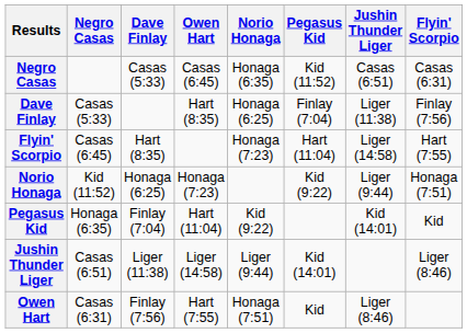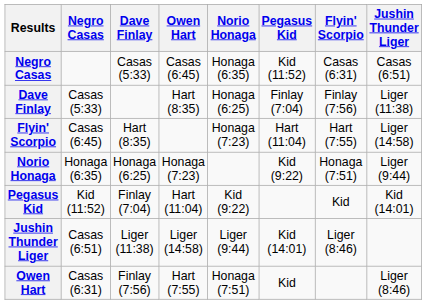 <table class="wikitable" style="text-align:center; margin: 1em auto 1em auto" width="85%">
 <tr>
 <th>Results</th>
 <th><a href='#'>Negro Casas</a></th>
 <th><a href='#'>Dave Finlay</a></th>
 <th><a href='#'>Owen Hart</a></th>
 <th><a href='#'>Norio Honaga</a></th>
 <th><a href='#'>Pegasus Kid</a></th>
+<th><a href='#'>Flyin' Scorpio</a></th>
 <th><a href='#'>Jushin Thunder Liger</a></th>
-<th><a href='#'>Flyin' Scorpio</a></th>
 </tr>
 <tr>
 <th><a href='#'>Negro Casas</a></th>
 <td></td>
 <td>Casas<br>(5:33)</td>
 <td>Casas<br>(6:45)</td>
 <td>Honaga<br>(6:35)</td>
 <td>Kid<br>(11:52)</td>
+<td>Casas<br>(6:31)</td>
 <td>Casas<br>(6:51)</td>
-<td>Casas<br>(6:31)</td>
 </tr>
 <tr>
 <th><a href='#'>Dave Finlay</a></th>
 <td>Casas<br>(5:33)</td>
 <td></td>
 <td>Hart<br>(8:35)</td>
 <td>Honaga<br>(6:25)</td>
 <td>Finlay<br>(7:04)</td>
+<td>Finlay<br>(7:56)</td>
 <td>Liger<br>(11:38)</td>
-<td>Finlay<br>(7:56)</td>
 </tr>
 <tr>
 <th><a href='#'>Flyin' Scorpio</a></th>
 <td>Casas<br>(6:45)</td>
 <td>Hart<br>(8:35)</td>
 <td></td>
 <td>Honaga<br>(7:23)</td>
 <td>Hart<br>(11:04)</td>
+<td>Hart<br>(7:55)</td>
 <td>Liger<br>(14:58)</td>
-<td>Hart<br>(7:55)</td>
 </tr>
 <tr>
 <th><a href='#'>Norio Honaga</a></th>
-<td>Kid<br>(11:52)</td>
+<td>Honaga<br>(6:35)</td>
 <td>Honaga<br>(6:25)</td>
 <td>Honaga<br>(7:23)</td>
 <td></td>
 <td>Kid<br>(9:22)</td>
+<td>Honaga<br>(7:51)</td>
 <td>Liger<br>(9:44)</td>
-<td>Honaga<br>(7:51)</td>
 </tr>
 <tr>
 <th><a href='#'>Pegasus Kid</a></th>
-<td>Honaga<br>(6:35)</td>
+<td>Kid<br>(11:52)</td>
 <td>Finlay<br>(7:04)</td>
 <td>Hart<br>(11:04)</td>
 <td>Kid<br>(9:22)</td>
 <td></td>
+<td>Kid<br></td>
 <td>Kid<br>(14:01)</td>
-<td>Kid<br></td>
 </tr>
 <tr>
 <th><a href='#'>Jushin Thunder Liger</a></th>
 <td>Casas<br>(6:51)</td>
 <td>Liger<br>(11:38)</td>
 <td>Liger<br>(14:58)</td>
 <td>Liger<br>(9:44)</td>
 <td>Kid<br>(14:01)</td>
+<td>Liger<br>(8:46)</td>
 <td></td>
-<td>Liger<br>(8:46)</td>
 </tr>
 <tr>
 <th><a href='#'>Owen Hart</a></th>
 <td>Casas<br>(6:31)</td>
 <td>Finlay<br>(7:56)</td>
 <td>Hart<br>(7:55)</td>
 <td>Honaga<br>(7:51)</td>
 <td>Kid<br></td>
+<td></td>
 <td>Liger<br>(8:46)</td>
-<td></td>
 </tr>
 </table>
